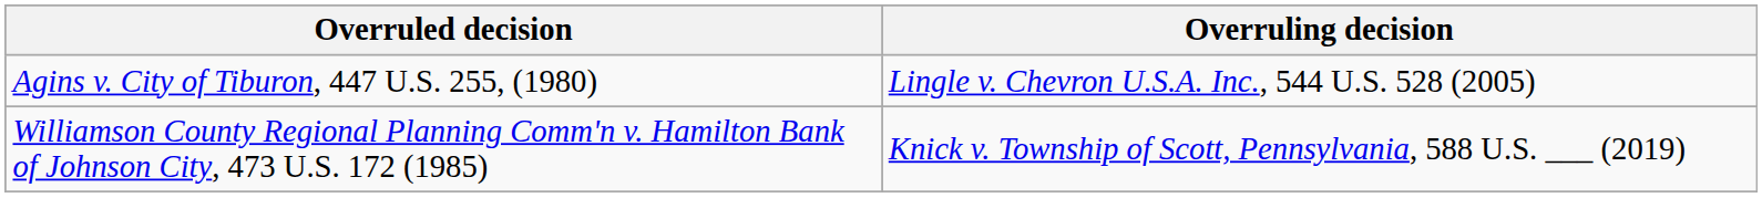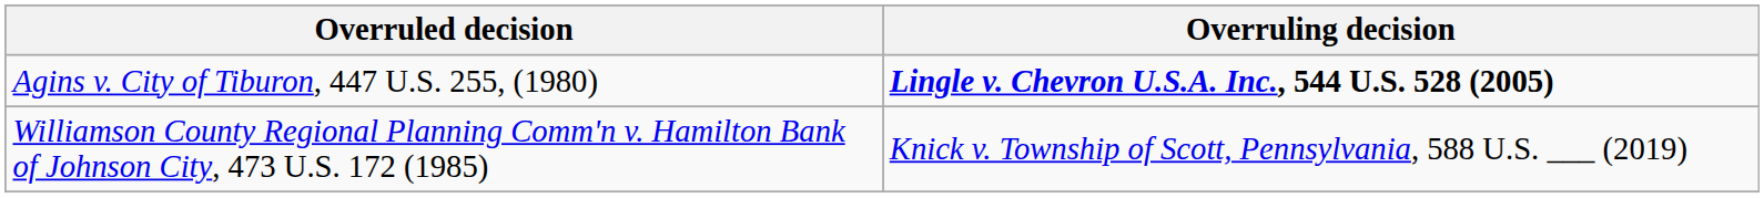 <table class="wikitable sortable collapsible" style="width:100%">
 <tr>
 <th width="50%">Overruled decision</th>
 <th width="50%">Overruling decision</th>
 </tr>
 <tr valign="top">
 <td><em><a href='#'>Agins v. City of Tiburon</a></em>, 447 U.S. 255, (1980)</td>
-<td><em><a href='#'>Lingle v. Chevron U.S.A. Inc.</a></em>, 544 U.S. 528 (2005)</td>
+<td><strong><em><a href='#'>Lingle v. Chevron U.S.A. Inc.</a></em>, 544 U.S. 528 (2005)</strong></td>
 </tr>
 <tr>
 <td><em><a href='#'>Williamson County Regional Planning Comm'n v. Hamilton Bank of Johnson City</a></em>, 473 U.S. 172 (1985)</td>
 <td><em><a href='#'>Knick v. Township of Scott, Pennsylvania</a></em>, 588 U.S. ___ (2019)</td>
 </tr>
 </table>
